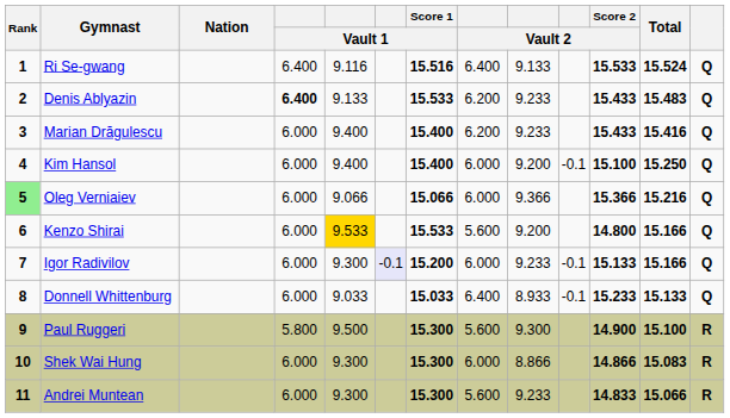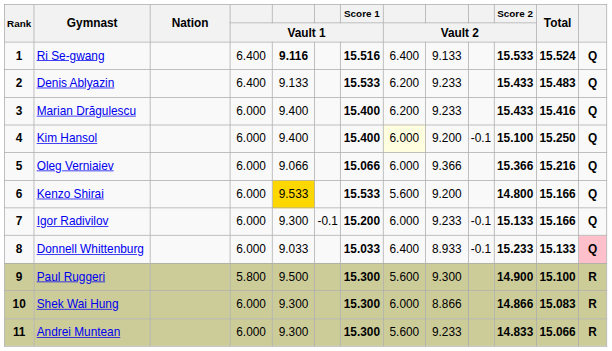 <table class="wikitable sortable" style="text-align:center;">
 <tr>
 <th rowspan=2 style="width:15px;"><small>Rank</small></th>
 <th rowspan=2 style="width:150px;">Gymnast</th>
 <th rowspan=2 style="width:100px;">Nation</th>
 <th style="width:50px;"><small></small></th>
 <th style="width:50px;"><small></small></th>
 <th style="width:20px;"><small></small></th>
 <th style="width:50px;"><small>Score 1</small></th>
 <th style="width:50px;"><small></small></th>
 <th style="width:50px;"><small></small></th>
 <th style="width:20px;"><small></small></th>
 <th style="width:50px;"><small>Score 2</small></th>
 <th rowspan=2 style="width:50px;">Total</th>
 <th rowspan=2 style="width:30px;"><small></small></th>
 </tr>
 <tr>
 <th colspan=4>Vault 1</th>
 <th colspan=4>Vault 2</th>
 </tr>
 <tr>
 <td scope=row style="text-align:center"><strong>1</strong></td>
 <td style="height:30px; text-align:left;"><a href='#'>Ri Se-gwang</a></td>
 <td style="text-align:left;"><small></small></td>
 <td>6.400</td>
-<td>9.116</td>
+<td><strong>9.116</strong></td>
 <td></td>
 <td><strong>15.516</strong></td>
 <td>6.400</td>
 <td>9.133</td>
 <td></td>
 <td><strong>15.533</strong></td>
 <td><strong>15.524</strong></td>
 <td><strong>Q</strong></td>
 </tr>
 <tr>
 <td scope=row style="text-align:center"><strong>2</strong></td>
 <td style="height:30px; text-align:left;"><a href='#'>Denis Ablyazin</a></td>
 <td style="text-align:left;"><small></small></td>
-<td><strong>6.400</strong></td>
+<td>6.400</td>
 <td>9.133</td>
 <td></td>
 <td><strong>15.533</strong></td>
 <td>6.200</td>
 <td>9.233</td>
 <td></td>
 <td><strong>15.433</strong></td>
 <td><strong>15.483</strong></td>
 <td><strong>Q</strong></td>
 </tr>
 <tr>
 <td scope=row style="text-align:center"><strong>3</strong></td>
 <td style="height:30px; text-align:left;"><a href='#'>Marian Drăgulescu</a></td>
 <td style="text-align:left;"><small></small></td>
 <td>6.000</td>
 <td>9.400</td>
 <td></td>
 <td><strong>15.400</strong></td>
 <td>6.200</td>
 <td>9.233</td>
 <td></td>
 <td><strong>15.433</strong></td>
 <td><strong>15.416</strong></td>
 <td><strong>Q</strong></td>
 </tr>
 <tr>
 <td scope=row style="text-align:center"><strong>4</strong></td>
 <td style="height:30px; text-align:left;"><a href='#'>Kim Hansol</a></td>
 <td style="text-align:left;"><small></small></td>
 <td>6.000</td>
 <td>9.400</td>
 <td></td>
 <td><strong>15.400</strong></td>
-<td>6.000</td>
+<td style="background: lightyellow;">6.000</td>
 <td>9.200</td>
 <td>-0.1</td>
 <td><strong>15.100</strong></td>
 <td><strong>15.250</strong></td>
 <td><strong>Q</strong></td>
 </tr>
 <tr>
-<td scope=row style="background: lightgreen; text-align:center"><strong>5</strong></td>
+<td scope=row style="text-align:center"><strong>5</strong></td>
 <td style="height:30px; text-align:left;"><a href='#'>Oleg Verniaiev</a></td>
 <td style="text-align:left;"><small></small></td>
 <td>6.000</td>
 <td>9.066</td>
 <td></td>
 <td><strong>15.066</strong></td>
 <td>6.000</td>
 <td>9.366</td>
 <td></td>
 <td><strong>15.366</strong></td>
 <td><strong>15.216</strong></td>
 <td><strong>Q</strong></td>
 </tr>
 <tr>
 <td scope=row style="text-align:center"><strong>6</strong></td>
 <td style="height:30px; text-align:left;"><a href='#'>Kenzo Shirai</a></td>
 <td style="text-align:left;"><small></small></td>
 <td>6.000</td>
 <td style="background: gold;">9.533</td>
 <td></td>
 <td><strong>15.533</strong></td>
 <td>5.600</td>
 <td>9.200</td>
 <td></td>
 <td><strong>14.800</strong></td>
 <td><strong>15.166</strong></td>
 <td><strong>Q</strong></td>
 </tr>
 <tr>
 <td scope=row style="text-align:center"><strong>7</strong></td>
 <td style="height:30px; text-align:left;"><a href='#'>Igor Radivilov</a></td>
 <td style="text-align:left;"><small></small></td>
 <td>6.000</td>
 <td>9.300</td>
-<td style="background: lavender;">-0.1</td>
+<td>-0.1</td>
 <td><strong>15.200</strong></td>
 <td>6.000</td>
 <td>9.233</td>
 <td>-0.1</td>
 <td><strong>15.133</strong></td>
 <td><strong>15.166</strong></td>
 <td><strong>Q</strong></td>
 </tr>
 <tr>
 <td scope=row style="text-align:center"><strong>8</strong></td>
 <td style="height:30px; text-align:left;"><a href='#'>Donnell Whittenburg</a></td>
 <td style="text-align:left;"><small></small></td>
 <td>6.000</td>
 <td>9.033</td>
 <td></td>
 <td><strong>15.033</strong></td>
 <td>6.400</td>
 <td>8.933</td>
 <td>-0.1</td>
 <td><strong>15.233</strong></td>
 <td><strong>15.133</strong></td>
-<td><strong>Q</strong></td>
+<td style="background: pink;"><strong>Q</strong></td>
 </tr>
 <tr style="background:#CCCC99;">
 <td scope=row style="text-align:center"><strong>9</strong></td>
 <td style="height:30px; text-align:left;"><a href='#'>Paul Ruggeri</a></td>
 <td style="text-align:left;"><small></small></td>
 <td>5.800</td>
 <td>9.500</td>
 <td></td>
 <td><strong>15.300</strong></td>
 <td>5.600</td>
 <td>9.300</td>
 <td></td>
 <td><strong>14.900</strong></td>
 <td><strong>15.100</strong></td>
 <td><strong>R</strong></td>
 </tr>
 <tr style="background:#CCCC99;">
 <td scope=row style="text-align:center"><strong>10</strong></td>
 <td style="height:30px; text-align:left;"><a href='#'>Shek Wai Hung</a></td>
 <td style="text-align:left;"><small></small></td>
 <td>6.000</td>
 <td>9.300</td>
 <td></td>
 <td><strong>15.300</strong></td>
 <td>6.000</td>
 <td>8.866</td>
 <td></td>
 <td><strong>14.866</strong></td>
 <td><strong>15.083</strong></td>
 <td><strong>R</strong></td>
 </tr>
 <tr style="background:#CCCC99;">
 <td scope=row style="text-align:center"><strong>11</strong></td>
 <td style="height:30px; text-align:left;"><a href='#'>Andrei Muntean</a></td>
 <td style="text-align:left;"><small></small></td>
 <td>6.000</td>
 <td>9.300</td>
 <td></td>
 <td><strong>15.300</strong></td>
 <td>5.600</td>
 <td>9.233</td>
 <td></td>
 <td><strong>14.833</strong></td>
 <td><strong>15.066</strong></td>
 <td><strong>R</strong></td>
 </tr>
 </table>
